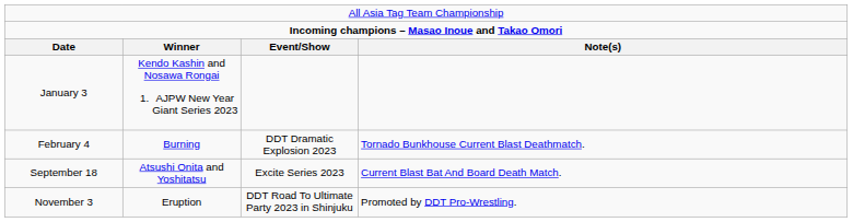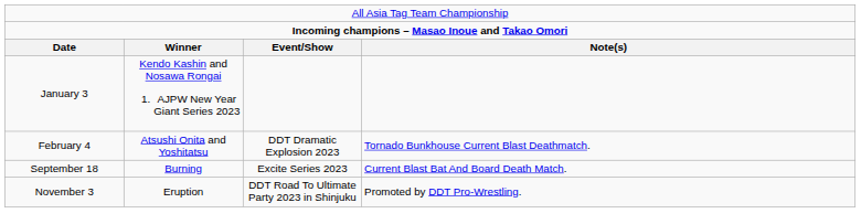 <table class="wikitable" style="text-align:center; width:100%;">
 <tr>
 <td colspan="5" style="text-align: center;"><a href='#'>All Asia Tag Team Championship</a></td>
 </tr>
 <tr>
 <td colspan="5" style="text-align: center;"><strong>Incoming champions – <a href='#'>Masao Inoue</a> and <a href='#'>Takao Omori</a></strong></td>
 </tr>
 <tr>
 <th width=14%>Date</th>
 <th width=14%>Winner</th>
 <th width=14%>Event/Show</th>
 <th width=58%>Note(s)</th>
 </tr>
 <tr>
 <td>January 3</td>
 <td><a href='#'>Kendo Kashin</a> and <a href='#'>Nosawa Rongai</a><br><ol><li>AJPW New Year Giant Series 2023<br></li></ol></td>
 <td></td>
 </tr>
 <tr>
 <td>February 4</td>
-<td><a href='#'>Burning</a><br></td>
+<td><a href='#'>Atsushi Onita</a> and <a href='#'>Yoshitatsu</a></td>
 <td>DDT Dramatic Explosion 2023</td>
 <td align=left><a href='#'>Tornado Bunkhouse Current Blast Deathmatch</a>.</td>
 </tr>
 <tr>
 <td>September 18</td>
-<td><a href='#'>Atsushi Onita</a> and <a href='#'>Yoshitatsu</a></td>
+<td><a href='#'>Burning</a><br></td>
 <td>Excite Series 2023<br></td>
 <td align=left><a href='#'>Current Blast Bat And Board Death Match</a>.</td>
 </tr>
 <tr>
 <td>November 3</td>
 <td>Eruption<br></td>
 <td>DDT Road To Ultimate Party 2023 in Shinjuku</td>
 <td align=left>Promoted by <a href='#'>DDT Pro-Wrestling</a>.</td>
 </tr>
 </table>
